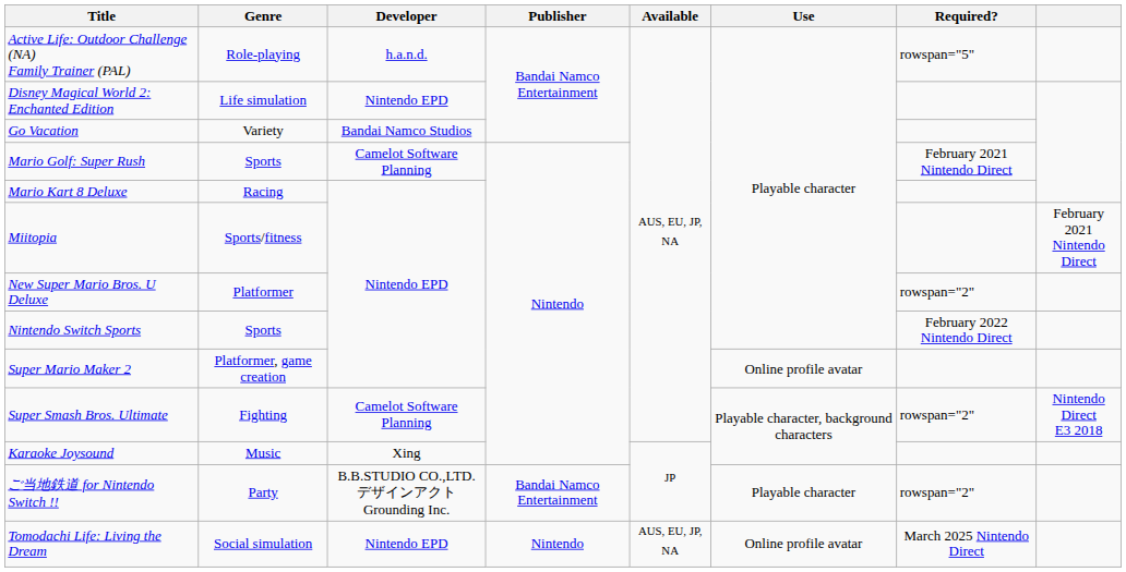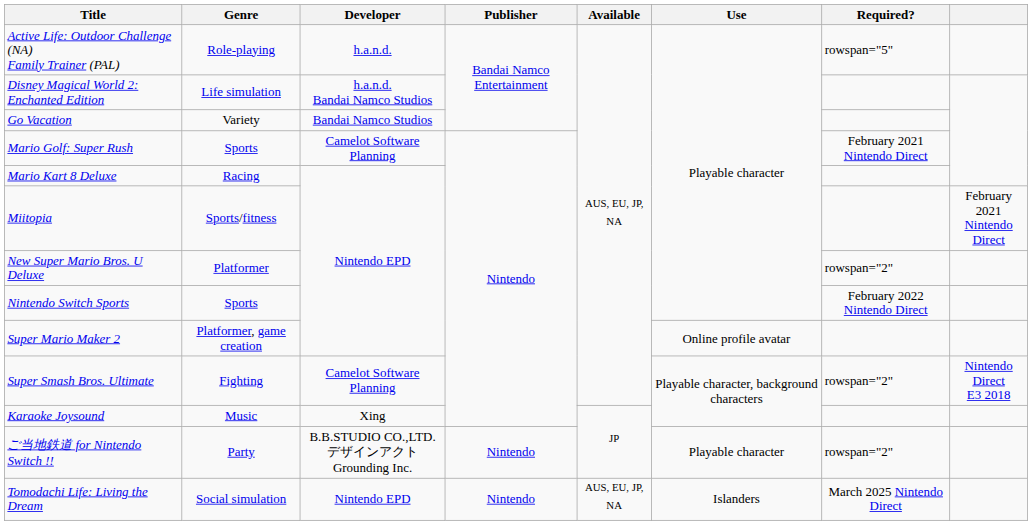 <table class="wikitable sortable" style="width:100%" id="switchlist">
 <tr>
 <th>Title</th>
 <th>Genre</th>
 <th>Developer</th>
 <th>Publisher</th>
 <th>Available</th>
 <th>Use</th>
 <th>Required?</th>
 <th></th>
 </tr>
 <tr>
 <td><em><a href='#'>Active Life: Outdoor Challenge</a> (NA) <br> <a href='#'>Family Trainer</a> (PAL)</em></td>
 <td align="center"><a href='#'>Role-playing</a></td>
 <td align="center"><a href='#'>h.a.n.d.</a></td>
 <td rowspan="3" align="center"><a href='#'>Bandai Namco Entertainment</a></td>
 <td rowspan="10" align="center"><sup>AUS, EU, JP, NA</sup></td>
 <td rowspan="8" align="center">Playable character</td>
 <td>rowspan="5" </td>
 <td></td>
 </tr>
 <tr>
 <td><em><a href='#'>Disney Magical World 2: Enchanted Edition</a></em></td>
 <td align="center"><a href='#'>Life simulation</a></td>
-<td align="center"><a href='#'>Nintendo EPD</a></td>
+<td align="center"><a href='#'>h.a.n.d.</a><br><a href='#'>Bandai Namco Studios</a></td>
 <td></td>
 </tr>
 <tr>
 <td><em><a href='#'>Go Vacation</a></em></td>
 <td align="center">Variety</td>
 <td align="center"><a href='#'>Bandai Namco Studios</a></td>
 <td></td>
 </tr>
 <tr>
 <td><em><a href='#'>Mario Golf: Super Rush</a></em></td>
 <td align=center><a href='#'>Sports</a></td>
 <td align="center"><a href='#'>Camelot Software Planning</a></td>
 <td rowspan="8" align="center"><a href='#'>Nintendo</a></td>
 <td align="center">February 2021<br><a href='#'>Nintendo Direct</a></td>
 </tr>
 <tr>
 <td><em><a href='#'>Mario Kart 8 Deluxe</a></em></td>
 <td align="center"><a href='#'>Racing</a></td>
 <td rowspan="5" align="center"><a href='#'>Nintendo EPD</a></td>
 <td></td>
 </tr>
 <tr>
 <td><em><a href='#'>Miitopia</a></em></td>
 <td align=center><a href='#'>Sports</a>/<a href='#'>fitness</a></td>
 <td></td>
 <td align="center">February 2021<br><a href='#'>Nintendo Direct</a></td>
 </tr>
 <tr>
 <td><em><a href='#'>New Super Mario Bros. U Deluxe</a></em></td>
 <td align="center"><a href='#'>Platformer</a></td>
 <td>rowspan="2" </td>
 <td></td>
 </tr>
 <tr>
 <td><em><a href='#'>Nintendo Switch Sports</a></em></td>
 <td align=center><a href='#'>Sports</a></td>
 <td align="center">February 2022<br><a href='#'>Nintendo Direct</a></td>
 </tr>
 <tr>
 <td><em><a href='#'>Super Mario Maker 2</a></em></td>
 <td align="center"><a href='#'>Platformer</a>, <a href='#'>game creation</a></td>
 <td align="center">Online profile avatar</td>
 <td></td>
 <td></td>
 </tr>
 <tr>
 <td><em><a href='#'>Super Smash Bros. Ultimate</a></em></td>
 <td align="center"><a href='#'>Fighting</a></td>
 <td align="center"><a href='#'>Camelot Software Planning</a></td>
 <td align="center" rowspan=2>Playable character, background characters</td>
 <td>rowspan="2" </td>
 <td align="center"><a href='#'>Nintendo Direct</a><br><a href='#'>E3 2018</a></td>
 </tr>
 <tr>
 <td><em><a href='#'>Karaoke Joysound</a></em></td>
 <td align="center"><a href='#'>Music</a></td>
 <td align="center">Xing</td>
 <td rowspan="2" align="center"><sup>JP</sup></td>
 <td></td>
 </tr>
 <tr>
 <td><em><a href='#'>ご当地鉄道 for Nintendo Switch !!</a></em></td>
 <td align="center"><a href='#'>Party</a></td>
 <td align="center">B.B.STUDIO CO.,LTD.<br>デザインアクト Grounding Inc.</td>
-<td align="center"><a href='#'>Bandai Namco Entertainment</a></td>
+<td align="center"><a href='#'>Nintendo</a></td>
 <td align="center">Playable character</td>
 <td>rowspan="2" </td>
 <td></td>
 </tr>
 <tr>
 <td><em><a href='#'>Tomodachi Life: Living the Dream</a></em></td>
 <td align="center"><a href='#'>Social simulation</a></td>
 <td align="center"><a href='#'>Nintendo EPD</a></td>
 <td align="center"><a href='#'>Nintendo</a></td>
 <td align="center"><sup>AUS, EU, JP, NA</sup></td>
-<td align="center">Online profile avatar</td>
+<td align="center">Islanders</td>
 <td align="center">March 2025 <a href='#'>Nintendo Direct</a></td>
 </tr>
 </table>
